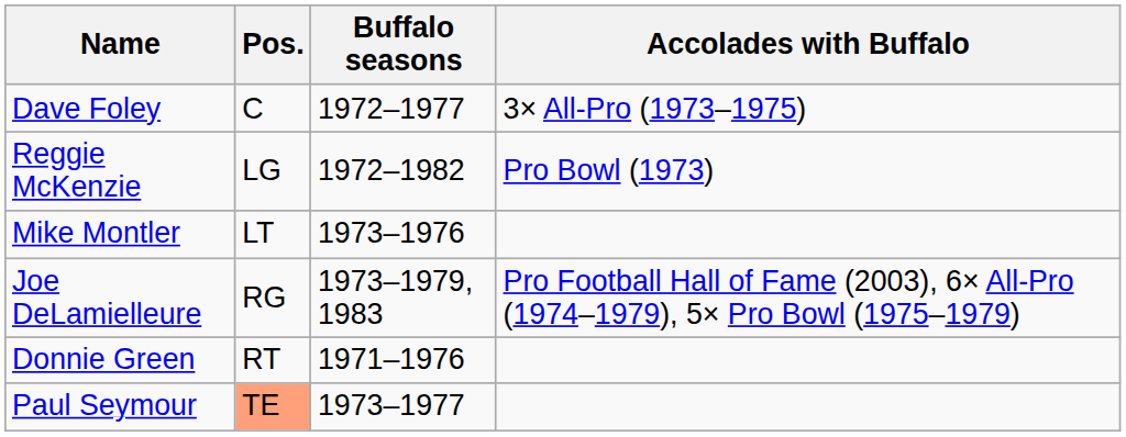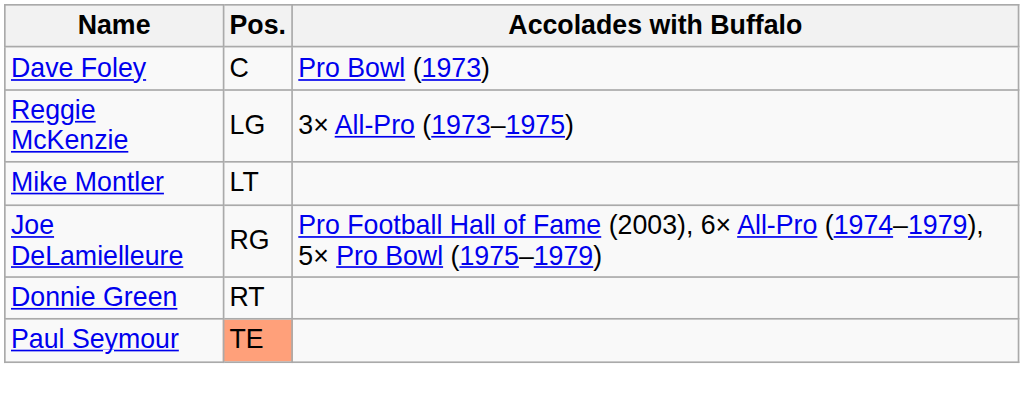 <table class="wikitable plainrowheaders">
 <tr>
 <th>Name</th>
 <th>Pos.</th>
-<th>Buffalo seasons</th>
 <th>Accolades with Buffalo</th>
 </tr>
 <tr>
 <td><a href='#'>Dave Foley</a></td>
 <td>C</td>
-<td>1972–1977</td>
-<td>3× <a href='#'>All-Pro</a> (<a href='#'>1973</a>–<a href='#'>1975</a>)</td>
+<td><a href='#'>Pro Bowl</a> (<a href='#'>1973</a>)</td>
 </tr>
 <tr>
 <td><a href='#'>Reggie McKenzie</a></td>
 <td>LG</td>
-<td>1972–1982</td>
-<td><a href='#'>Pro Bowl</a> (<a href='#'>1973</a>)</td>
+<td>3× <a href='#'>All-Pro</a> (<a href='#'>1973</a>–<a href='#'>1975</a>)</td>
 </tr>
 <tr>
 <td><a href='#'>Mike Montler</a></td>
 <td>LT</td>
-<td>1973–1976</td>
 <td></td>
 </tr>
 <tr>
 <td><a href='#'>Joe DeLamielleure</a></td>
 <td>RG</td>
-<td>1973–1979, 1983</td>
 <td><a href='#'>Pro Football Hall of Fame</a> (2003), 6× <a href='#'>All-Pro</a> (<a href='#'>1974</a>–<a href='#'>1979</a>), 5× <a href='#'>Pro Bowl</a> (<a href='#'>1975</a>–<a href='#'>1979</a>)</td>
 </tr>
 <tr>
 <td><a href='#'>Donnie Green</a></td>
 <td>RT</td>
-<td>1971–1976</td>
 <td></td>
 </tr>
 <tr>
 <td><a href='#'>Paul Seymour</a></td>
 <td style="background: lightsalmon;">TE</td>
-<td>1973–1977</td>
 <td></td>
 </tr>
 </table>
